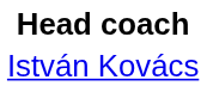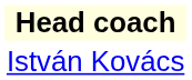 <table style="text-align: center; margin-top: 2em; margin-left: auto; margin-right: auto">
 <tr>
 <td></td>
 </tr>
 <tr>
-<td><strong>Head coach</strong></td>
+<td style="background: lightyellow;"><strong>Head coach</strong></td>
 </tr>
 <tr>
 <td><a href='#'>István Kovács</a></td>
 </tr>
 </table>
